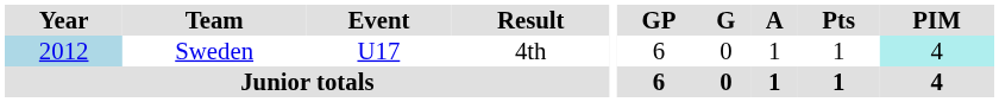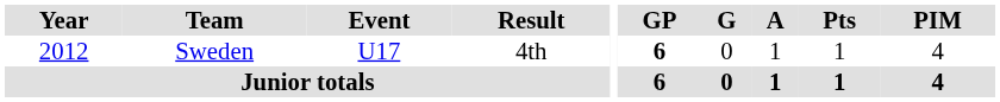 <table border="0" cellpadding="1" cellspacing="0" ID="Table3" style="text-align:center; width:40em">
 <tr ALIGN="center" bgcolor="#e0e0e0">
 <th>Year</th>
 <th>Team</th>
 <th>Event</th>
 <th>Result</th>
 <th rowspan="99" bgcolor="#ffffff"></th>
 <th>GP</th>
 <th>G</th>
 <th>A</th>
 <th>Pts</th>
 <th>PIM</th>
 </tr>
 <tr>
-<td style="background: lightblue;"><a href='#'>2012</a></td>
+<td><a href='#'>2012</a></td>
 <td><a href='#'>Sweden</a></td>
 <td><a href='#'>U17</a></td>
 <td>4th</td>
-<td>6</td>
+<td><strong>6</strong></td>
 <td>0</td>
 <td>1</td>
 <td>1</td>
-<td style="background: paleturquoise;">4</td>
+<td>4</td>
 </tr>
 <tr bgcolor="#e0e0e0">
 <th colspan="4">Junior totals</th>
 <th>6</th>
 <th>0</th>
 <th>1</th>
 <th>1</th>
 <th>4</th>
 </tr>
 </table>
